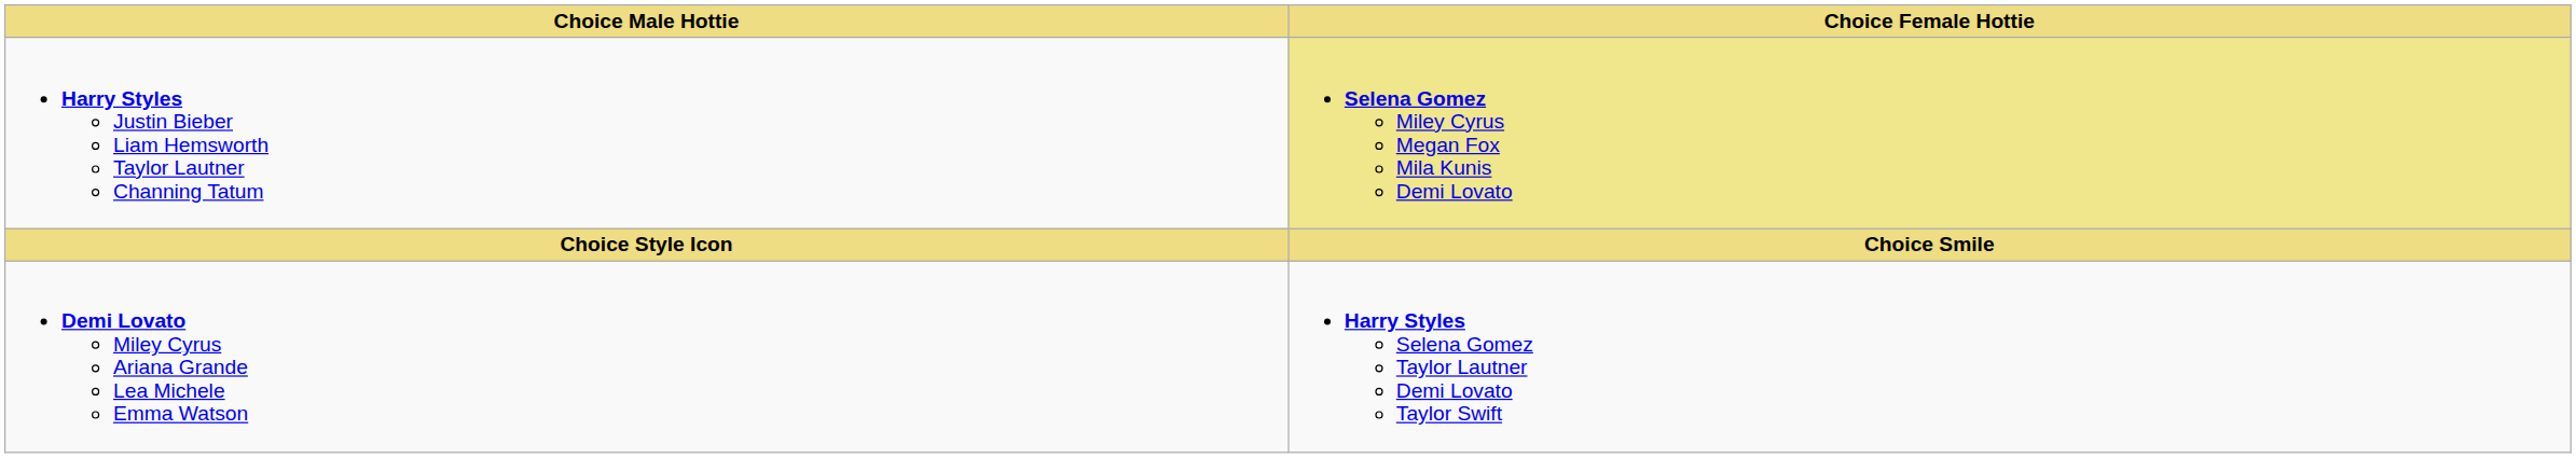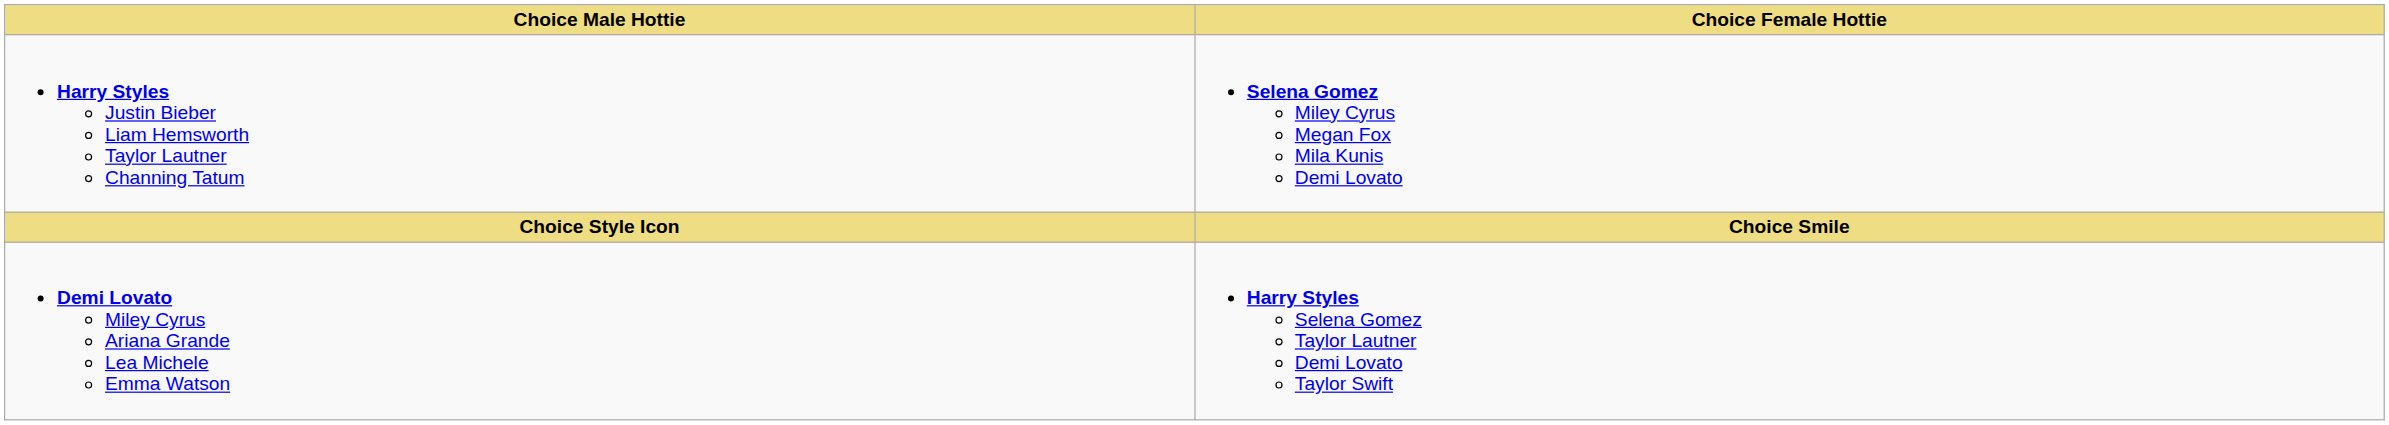 <table class="wikitable" style="width:100%">
 <tr>
 <th style="background:#EEDD82; width:50%">Choice Male Hottie</th>
 <th style="background:#EEDD82; width:50%">Choice Female Hottie</th>
 </tr>
 <tr>
 <td valign="top"><br><ul><li><strong><a href='#'>Harry Styles</a></strong><ul><li><a href='#'>Justin Bieber</a></li><li><a href='#'>Liam Hemsworth</a></li><li><a href='#'>Taylor Lautner</a></li><li><a href='#'>Channing Tatum</a></li></ul></li></ul></td>
-<td valign="top" style="background: khaki;"><br><ul><li><strong><a href='#'>Selena Gomez</a></strong><ul><li><a href='#'>Miley Cyrus</a></li><li><a href='#'>Megan Fox</a></li><li><a href='#'>Mila Kunis</a></li><li><a href='#'>Demi Lovato</a></li></ul></li></ul></td>
+<td valign="top"><br><ul><li><strong><a href='#'>Selena Gomez</a></strong><ul><li><a href='#'>Miley Cyrus</a></li><li><a href='#'>Megan Fox</a></li><li><a href='#'>Mila Kunis</a></li><li><a href='#'>Demi Lovato</a></li></ul></li></ul></td>
 </tr>
 <tr>
 <th style="background:#EEDD82; width:50%">Choice Style Icon</th>
 <th style="background:#EEDD82; width:50%">Choice Smile</th>
 </tr>
 <tr>
 <td valign="top"><br><ul><li><strong><a href='#'>Demi Lovato</a></strong><ul><li><a href='#'>Miley Cyrus</a></li><li><a href='#'>Ariana Grande</a></li><li><a href='#'>Lea Michele</a></li><li><a href='#'>Emma Watson</a></li></ul></li></ul></td>
 <td valign="top"><br><ul><li><strong><a href='#'>Harry Styles</a></strong><ul><li><a href='#'>Selena Gomez</a></li><li><a href='#'>Taylor Lautner</a></li><li><a href='#'>Demi Lovato</a></li><li><a href='#'>Taylor Swift</a></li></ul></li></ul></td>
 </tr>
 </table>
